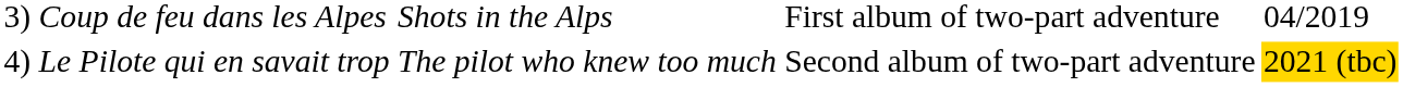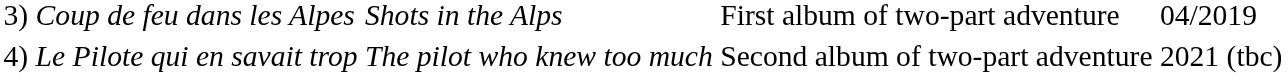 <table>
 <tr>
 <td>3)</td>
 <td><em>Coup de feu dans les Alpes</em></td>
 <td><em>Shots in the Alps</em></td>
 <td>First album of two-part adventure</td>
 <td>04/2019</td>
 </tr>
 <tr>
 <td>4)</td>
 <td><em>Le Pilote qui en savait trop</em></td>
 <td><em>The pilot who knew too much</em></td>
 <td>Second album of two-part adventure</td>
-<td style="background: gold;">2021 (tbc)</td>
+<td>2021 (tbc)</td>
 </tr>
 <tr>
 </tr>
 </table>
